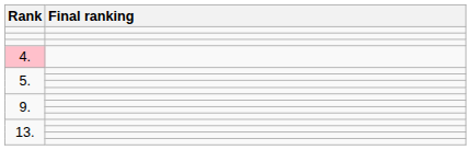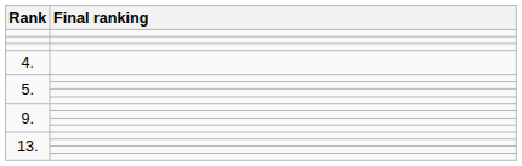 <table class="wikitable" style="font-size:95%;">
 <tr>
 <th>Rank</th>
 <th style="text-align: left; width: 30em">Final ranking</th>
 </tr>
 <tr>
 <td align="center"></td>
 <td></td>
 </tr>
 <tr>
 <td align="center"></td>
 <td></td>
 </tr>
 <tr>
 <td align="center"></td>
 <td></td>
 </tr>
 <tr>
-<td align="center" style="background: pink;">4.</td>
+<td align="center">4.</td>
 <td></td>
 </tr>
 <tr>
 <td rowspan=4 align="center">5.</td>
 <td></td>
 </tr>
 <tr>
 <td></td>
 </tr>
 <tr>
 <td></td>
 </tr>
 <tr>
 <td></td>
 </tr>
 <tr>
 <td rowspan=4 align="center">9.</td>
 <td></td>
 </tr>
 <tr>
 <td></td>
 </tr>
 <tr>
 <td></td>
 </tr>
 <tr>
 <td></td>
 </tr>
 <tr>
 <td rowspan=4 align="center">13.</td>
 <td></td>
 </tr>
 <tr>
 <td></td>
 </tr>
 <tr>
 <td></td>
 </tr>
 <tr>
 <td></td>
 </tr>
 </table>
